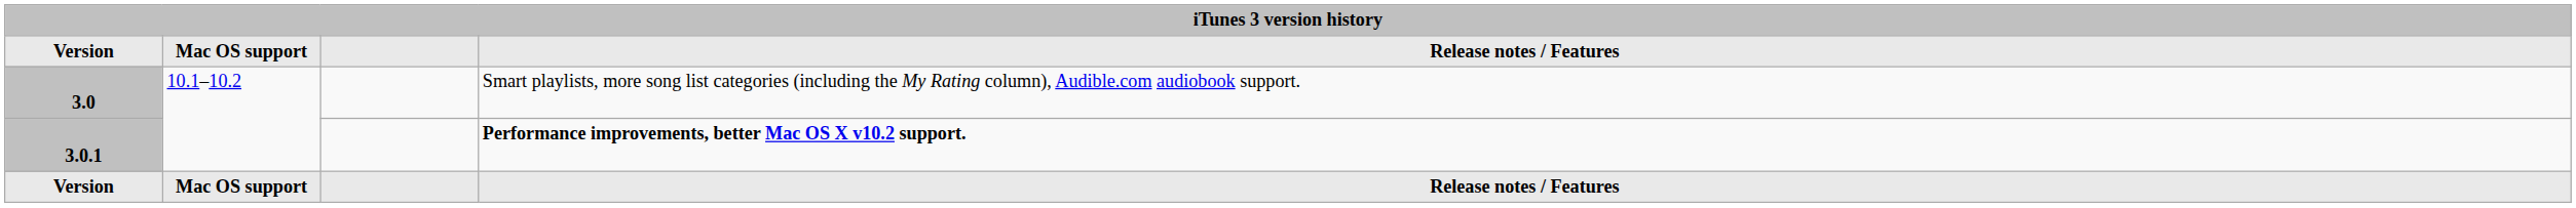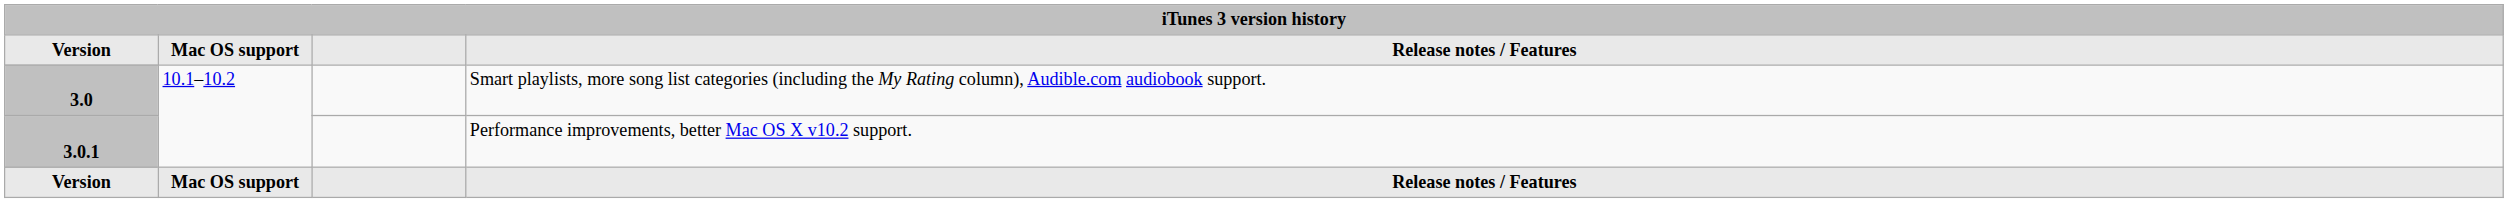 <table class="wikitable collapsible uncollapsed" style="width:100%; font-size:90%;">
 <tr>
 <th style="background:silver; text-align:center;" colspan="4">iTunes 3 version history</th>
 </tr>
 <tr>
 <th style="background:#e9e9e9; width:8em; text-align:center;">Version</th>
 <th style="background:#e9e9e9; width:8em; text-align:center;">Mac OS support</th>
 <th style="background:#e9e9e9; width:8em; text-align:center;"></th>
 <th style="background:#e9e9e9; text-align:center;">Release notes / Features</th>
 </tr>
 <tr valign="top">
 <th style="background:silver; white-space:nowrap;"><br>3.0</th>
 <td rowspan=2><a href='#'>10.1</a>–<a href='#'>10.2</a></td>
 <td></td>
 <td>Smart playlists, more song list categories (including the <em>My Rating</em> column), <a href='#'>Audible.com</a> <a href='#'>audiobook</a> support.</td>
 </tr>
 <tr valign="top">
 <th style="background:silver; white-space:nowrap;"><br>3.0.1</th>
 <td></td>
-<td><strong>Performance improvements, better <a href='#'>Mac OS X v10.2</a> support.</strong></td>
+<td>Performance improvements, better <a href='#'>Mac OS X v10.2</a> support.</td>
 </tr>
 <tr class="sortbottom">
 <th style="background:#e9e9e9; width:8em; text-align:center;">Version</th>
 <th style="background:#e9e9e9; width:8em; text-align:center;">Mac OS support</th>
 <th style="background:#e9e9e9; width:8em; text-align:center;"></th>
 <th style="background:#e9e9e9; text-align:center;">Release notes / Features</th>
 </tr>
 </table>
